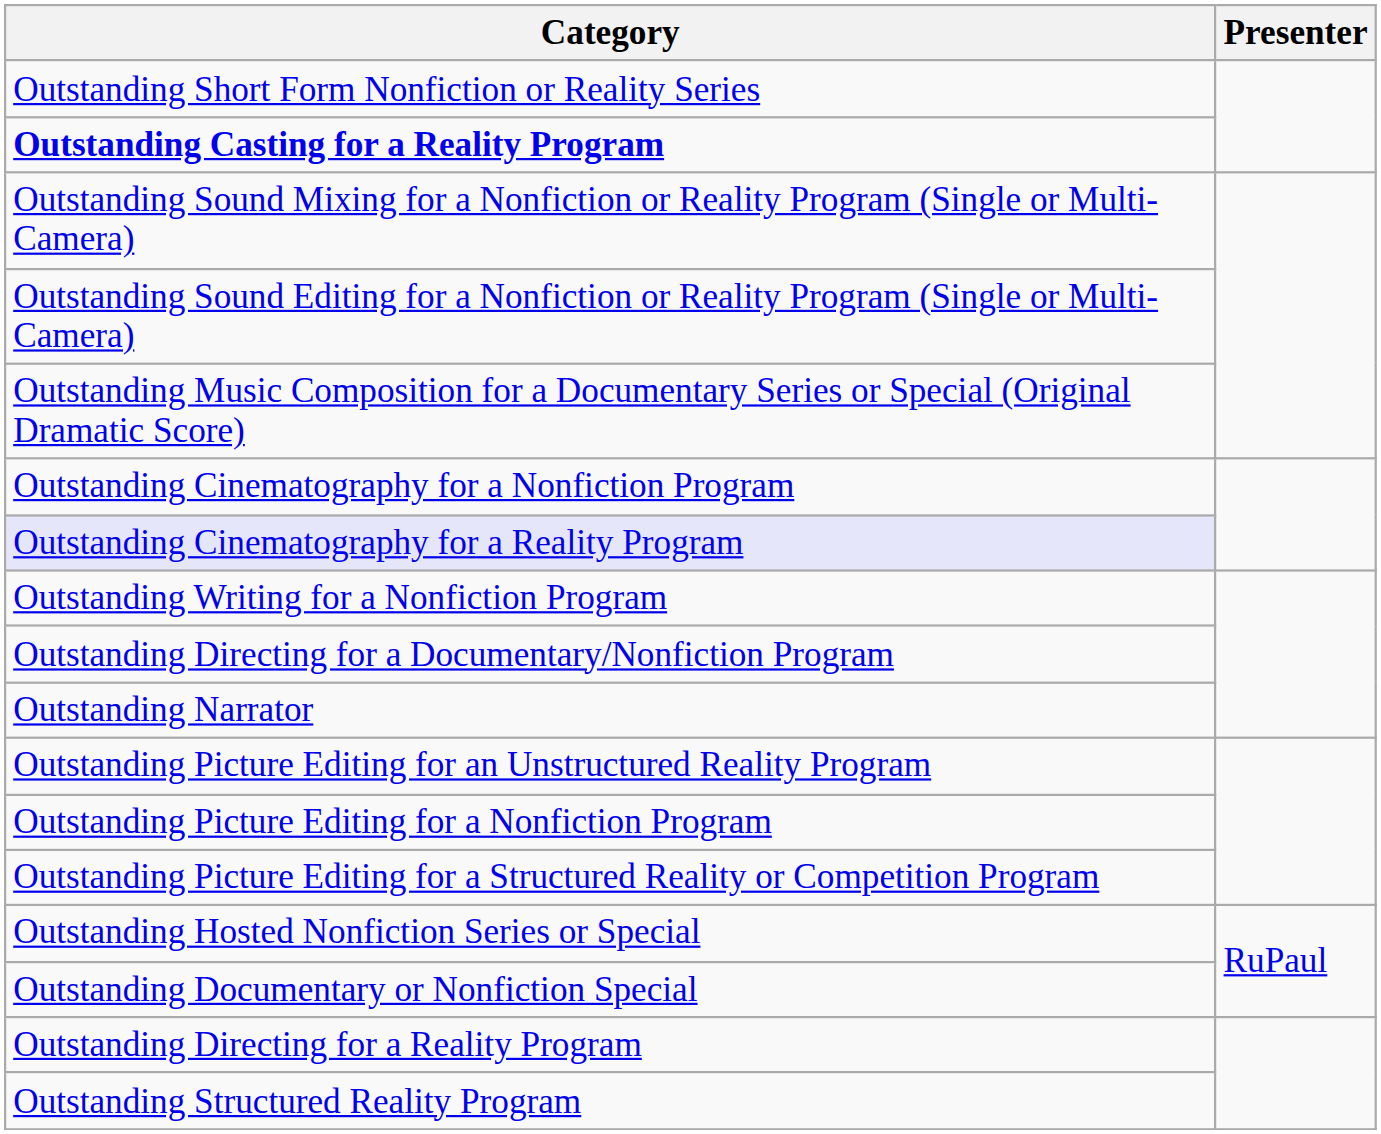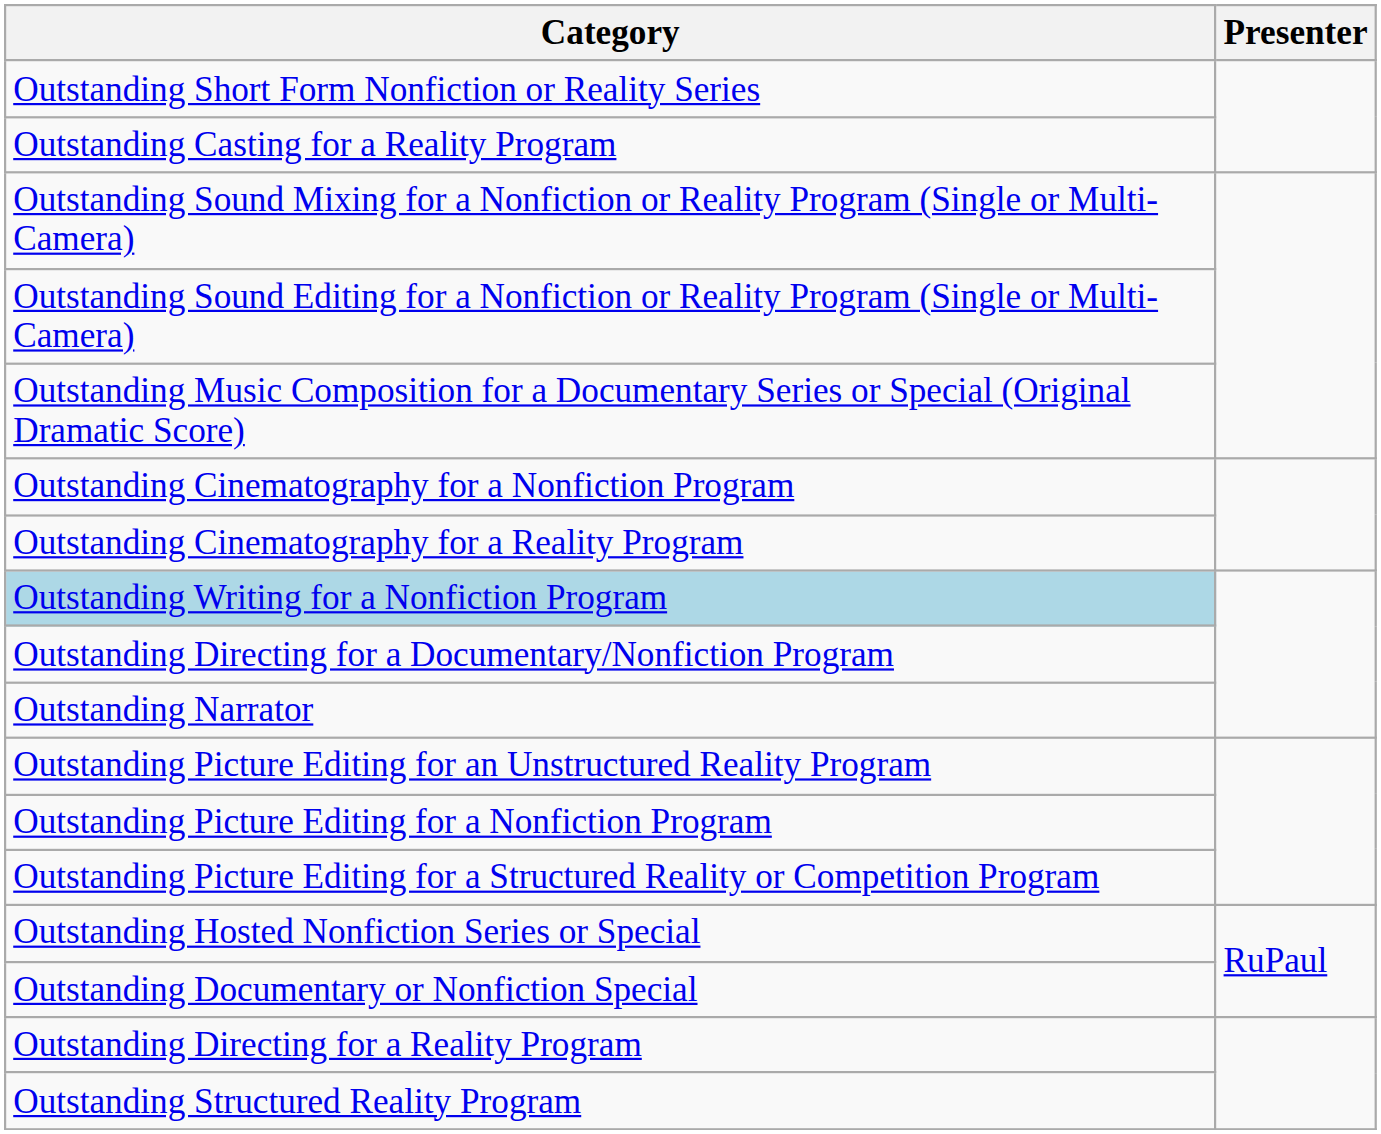 <table class="wikitable sortable" style="max-width:39em">
 <tr>
 <th scope="col">Category</th>
 <th scope="col">Presenter</th>
 </tr>
 <tr>
 <td><a href='#'>Outstanding Short Form Nonfiction or Reality Series</a></td>
 <td rowspan="2"></td>
 </tr>
 <tr>
-<td><strong><a href='#'>Outstanding Casting for a Reality Program</a></strong></td>
+<td><a href='#'>Outstanding Casting for a Reality Program</a></td>
 </tr>
 <tr>
 <td><a href='#'>Outstanding Sound Mixing for a Nonfiction or Reality Program (Single or Multi-Camera)</a></td>
 <td rowspan="3"></td>
 </tr>
 <tr>
 <td><a href='#'>Outstanding Sound Editing for a Nonfiction or Reality Program (Single or Multi-Camera)</a></td>
 </tr>
 <tr>
 <td><a href='#'>Outstanding Music Composition for a Documentary Series or Special (Original Dramatic Score)</a></td>
 </tr>
 <tr>
 <td><a href='#'>Outstanding Cinematography for a Nonfiction Program</a></td>
 <td rowspan="2"></td>
 </tr>
 <tr>
-<td style="background: lavender;"><a href='#'>Outstanding Cinematography for a Reality Program</a></td>
+<td><a href='#'>Outstanding Cinematography for a Reality Program</a></td>
 </tr>
 <tr>
-<td><a href='#'>Outstanding Writing for a Nonfiction Program</a></td>
+<td style="background: lightblue;"><a href='#'>Outstanding Writing for a Nonfiction Program</a></td>
 <td rowspan="3"></td>
 </tr>
 <tr>
 <td><a href='#'>Outstanding Directing for a Documentary/Nonfiction Program</a></td>
 </tr>
 <tr>
 <td><a href='#'>Outstanding Narrator</a></td>
 </tr>
 <tr>
 <td><a href='#'>Outstanding Picture Editing for an Unstructured Reality Program</a></td>
 <td rowspan="3"></td>
 </tr>
 <tr>
 <td><a href='#'>Outstanding Picture Editing for a Nonfiction Program</a></td>
 </tr>
 <tr>
 <td><a href='#'>Outstanding Picture Editing for a Structured Reality or Competition Program</a></td>
 </tr>
 <tr>
 <td><a href='#'>Outstanding Hosted Nonfiction Series or Special</a></td>
 <td rowspan="2"><a href='#'>RuPaul</a></td>
 </tr>
 <tr>
 <td><a href='#'>Outstanding Documentary or Nonfiction Special</a></td>
 </tr>
 <tr>
 <td><a href='#'>Outstanding Directing for a Reality Program</a></td>
 <td rowspan="2"></td>
 </tr>
 <tr>
 <td><a href='#'>Outstanding Structured Reality Program</a></td>
 </tr>
 </table>
